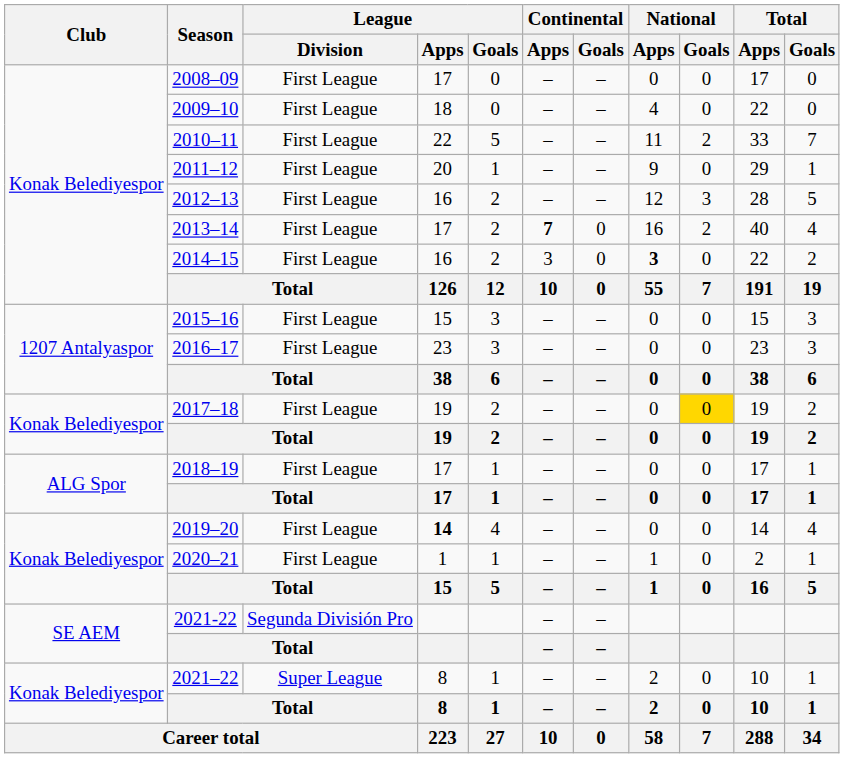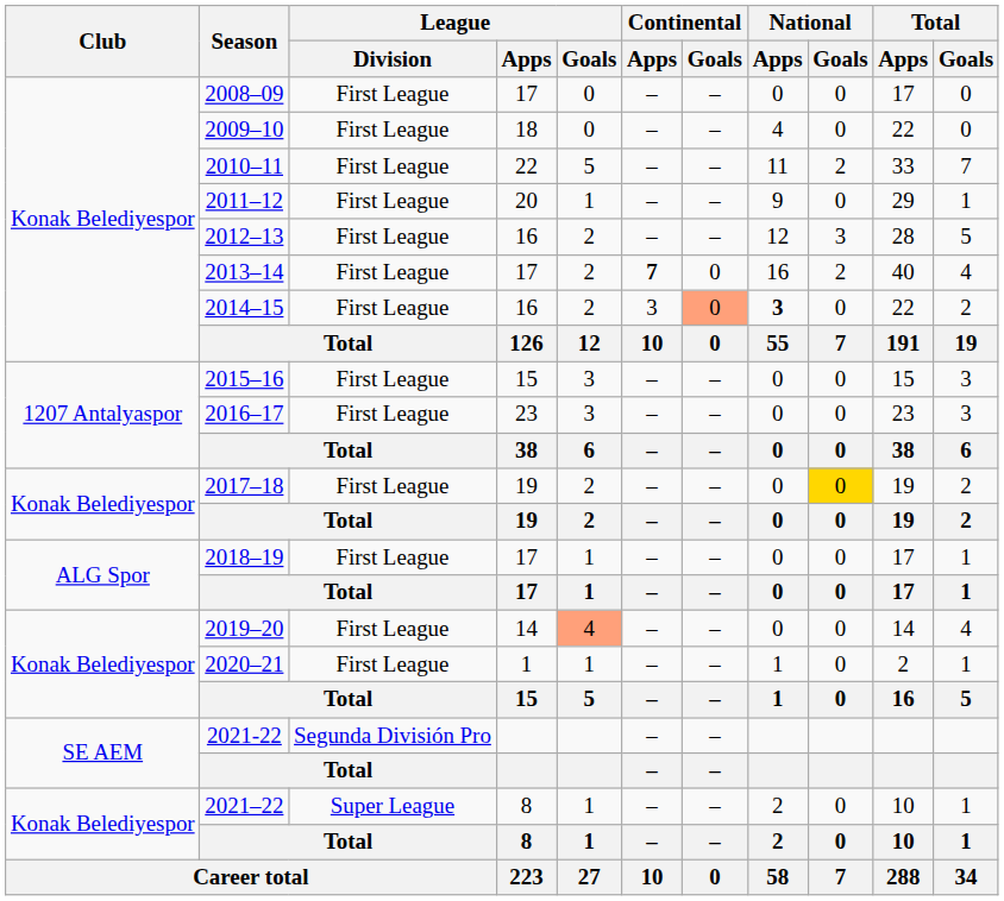 <table class="wikitable" style="text-align: center;">
 <tr>
 <th rowspan=2>Club</th>
 <th rowspan=2>Season</th>
 <th colspan=3>League</th>
 <th colspan=2>Continental</th>
 <th colspan=2>National</th>
 <th colspan=2>Total</th>
 </tr>
 <tr>
 <th>Division</th>
 <th>Apps</th>
 <th>Goals</th>
 <th>Apps</th>
 <th>Goals</th>
 <th>Apps</th>
 <th>Goals</th>
 <th>Apps</th>
 <th>Goals</th>
 </tr>
 <tr>
 <td rowspan=8><a href='#'>Konak Belediyespor</a></td>
 <td><a href='#'>2008–09</a></td>
 <td>First League</td>
 <td>17</td>
 <td>0</td>
 <td>–</td>
 <td>–</td>
 <td>0</td>
 <td>0</td>
 <td>17</td>
 <td>0</td>
 </tr>
 <tr>
 <td><a href='#'>2009–10</a></td>
 <td>First League</td>
 <td>18</td>
 <td>0</td>
 <td>–</td>
 <td>–</td>
 <td>4</td>
 <td>0</td>
 <td>22</td>
 <td>0</td>
 </tr>
 <tr>
 <td><a href='#'>2010–11</a></td>
 <td>First League</td>
 <td>22</td>
 <td>5</td>
 <td>–</td>
 <td>–</td>
 <td>11</td>
 <td>2</td>
 <td>33</td>
 <td>7</td>
 </tr>
 <tr>
 <td><a href='#'>2011–12</a></td>
 <td>First League</td>
 <td>20</td>
 <td>1</td>
 <td>–</td>
 <td>–</td>
 <td>9</td>
 <td>0</td>
 <td>29</td>
 <td>1</td>
 </tr>
 <tr>
 <td><a href='#'>2012–13</a></td>
 <td>First League</td>
 <td>16</td>
 <td>2</td>
 <td>–</td>
 <td>–</td>
 <td>12</td>
 <td>3</td>
 <td>28</td>
 <td>5</td>
 </tr>
 <tr>
 <td><a href='#'>2013–14</a></td>
 <td>First League</td>
 <td>17</td>
 <td>2</td>
 <td><strong>7</strong></td>
 <td>0</td>
 <td>16</td>
 <td>2</td>
 <td>40</td>
 <td>4</td>
 </tr>
 <tr>
 <td><a href='#'>2014–15</a></td>
 <td>First League</td>
 <td>16</td>
 <td>2</td>
 <td>3</td>
-<td>0</td>
+<td style="background: lightsalmon;">0</td>
 <td><strong>3</strong></td>
 <td>0</td>
 <td>22</td>
 <td>2</td>
 </tr>
 <tr>
 <th colspan=2>Total</th>
 <th>126</th>
 <th>12</th>
 <th>10</th>
 <th>0</th>
 <th>55</th>
 <th>7</th>
 <th>191</th>
 <th>19</th>
 </tr>
 <tr>
 <td rowspan=3><a href='#'>1207 Antalyaspor</a></td>
 <td><a href='#'>2015–16</a></td>
 <td>First League</td>
 <td>15</td>
 <td>3</td>
 <td>–</td>
 <td>–</td>
 <td>0</td>
 <td>0</td>
 <td>15</td>
 <td>3</td>
 </tr>
 <tr>
 <td><a href='#'>2016–17</a></td>
 <td>First League</td>
 <td>23</td>
 <td>3</td>
 <td>–</td>
 <td>–</td>
 <td>0</td>
 <td>0</td>
 <td>23</td>
 <td>3</td>
 </tr>
 <tr>
 <th colspan=2>Total</th>
 <th>38</th>
 <th>6</th>
 <th>–</th>
 <th>–</th>
 <th>0</th>
 <th>0</th>
 <th>38</th>
 <th>6</th>
 </tr>
 <tr>
 <td rowspan=2><a href='#'>Konak Belediyespor</a></td>
 <td><a href='#'>2017–18</a></td>
 <td>First League</td>
 <td>19</td>
 <td>2</td>
 <td>–</td>
 <td>–</td>
 <td>0</td>
 <td style="background: gold;">0</td>
 <td>19</td>
 <td>2</td>
 </tr>
 <tr>
 <th colspan=2>Total</th>
 <th>19</th>
 <th>2</th>
 <th>–</th>
 <th>–</th>
 <th>0</th>
 <th>0</th>
 <th>19</th>
 <th>2</th>
 </tr>
 <tr>
 <td rowspan=2><a href='#'>ALG Spor</a></td>
 <td><a href='#'>2018–19</a></td>
 <td>First League</td>
 <td>17</td>
 <td>1</td>
 <td>–</td>
 <td>–</td>
 <td>0</td>
 <td>0</td>
 <td>17</td>
 <td>1</td>
 </tr>
 <tr>
 <th colspan=2>Total</th>
 <th>17</th>
 <th>1</th>
 <th>–</th>
 <th>–</th>
 <th>0</th>
 <th>0</th>
 <th>17</th>
 <th>1</th>
 </tr>
 <tr>
 <td rowspan=3><a href='#'>Konak Belediyespor</a></td>
 <td><a href='#'>2019–20</a></td>
 <td>First League</td>
-<td><strong>14</strong></td>
-<td>4</td>
+<td>14</td>
+<td style="background: lightsalmon;">4</td>
 <td>–</td>
 <td>–</td>
 <td>0</td>
 <td>0</td>
 <td>14</td>
 <td>4</td>
 </tr>
 <tr>
 <td><a href='#'>2020–21</a></td>
 <td>First League</td>
 <td>1</td>
 <td>1</td>
 <td>–</td>
 <td>–</td>
 <td>1</td>
 <td>0</td>
 <td>2</td>
 <td>1</td>
 </tr>
 <tr>
 <th colspan=2>Total</th>
 <th>15</th>
 <th>5</th>
 <th>–</th>
 <th>–</th>
 <th>1</th>
 <th>0</th>
 <th>16</th>
 <th>5</th>
 </tr>
 <tr>
 <td rowspan=2><a href='#'>SE AEM</a></td>
 <td><a href='#'>2021-22</a></td>
 <td><a href='#'>Segunda División Pro</a></td>
 <td></td>
 <td></td>
 <td>–</td>
 <td>–</td>
 <td></td>
 <td></td>
 <td></td>
 <td></td>
 </tr>
 <tr>
 <th colspan=2>Total</th>
 <th></th>
 <th></th>
 <th>–</th>
 <th>–</th>
 <th></th>
 <th></th>
 <th></th>
 <th></th>
 </tr>
 <tr>
 <td rowspan=2><a href='#'>Konak Belediyespor</a></td>
 <td><a href='#'>2021–22</a></td>
 <td><a href='#'>Super League</a></td>
 <td>8</td>
 <td>1</td>
 <td>–</td>
 <td>–</td>
 <td>2</td>
 <td>0</td>
 <td>10</td>
 <td>1</td>
 </tr>
 <tr>
 <th colspan=2>Total</th>
 <th>8</th>
 <th>1</th>
 <th>–</th>
 <th>–</th>
 <th>2</th>
 <th>0</th>
 <th>10</th>
 <th>1</th>
 </tr>
 <tr>
 <th colspan=3>Career total</th>
 <th>223</th>
 <th>27</th>
 <th>10</th>
 <th>0</th>
 <th>58</th>
 <th>7</th>
 <th>288</th>
 <th>34</th>
 </tr>
 </table>
